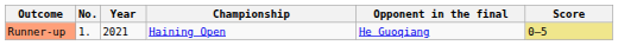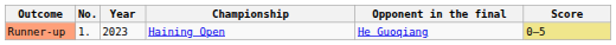 <table class="sortable wikitable">
 <tr>
 <th width="80">Outcome</th>
 <th width="20">No.</th>
 <th width="50">Year</th>
 <th width="250">Championship</th>
 <th width="200">Opponent in the final</th>
 <th width="100">Score</th>
 </tr>
 <tr>
 <td style="background:#ffa07a">Runner-up</td>
 <td>1.</td>
-<td>2021</td>
+<td>2023</td>
 <td><a href='#'>Haining Open</a></td>
 <td> <a href='#'>He Guoqiang</a></td>
 <td style="background: khaki;">0–5</td>
 </tr>
 </table>
